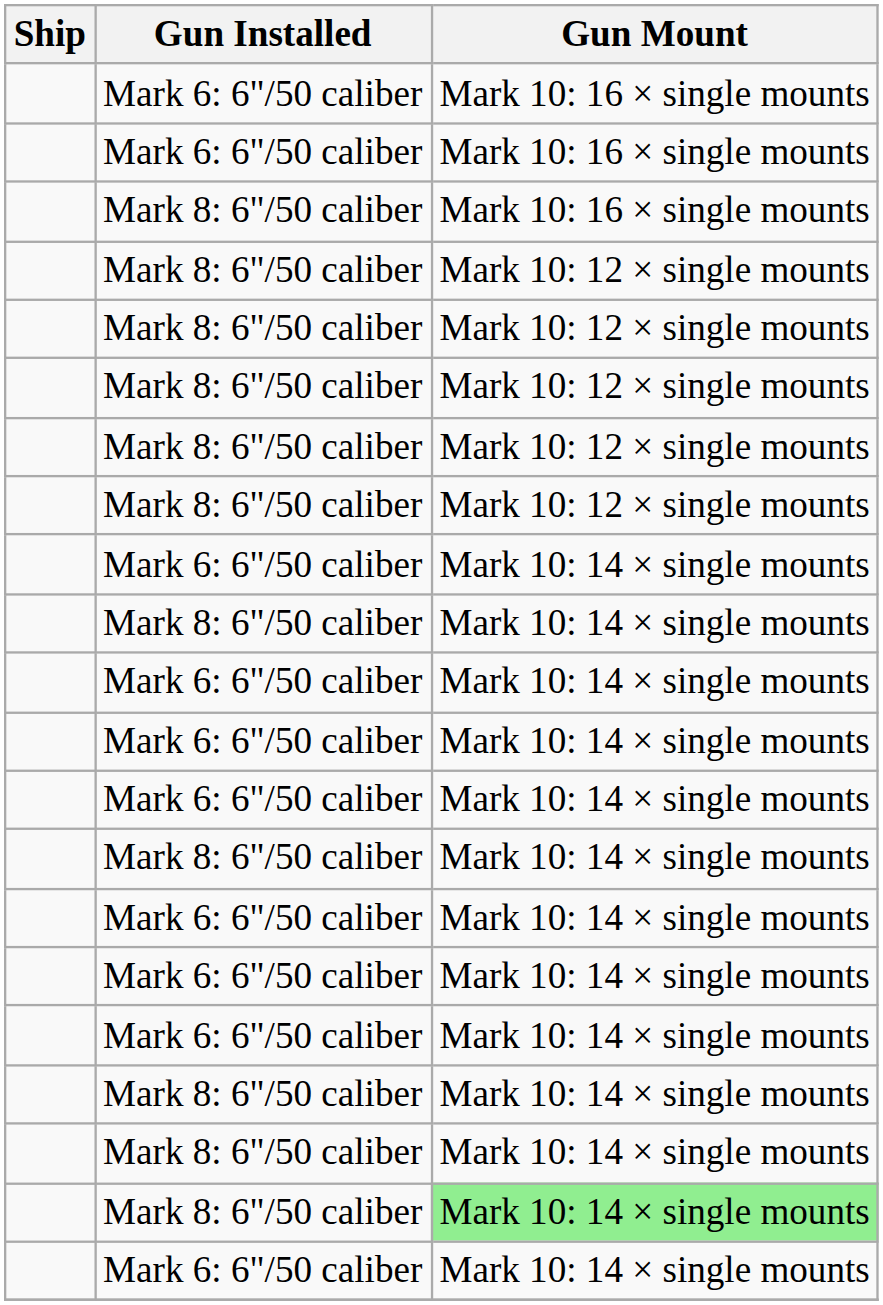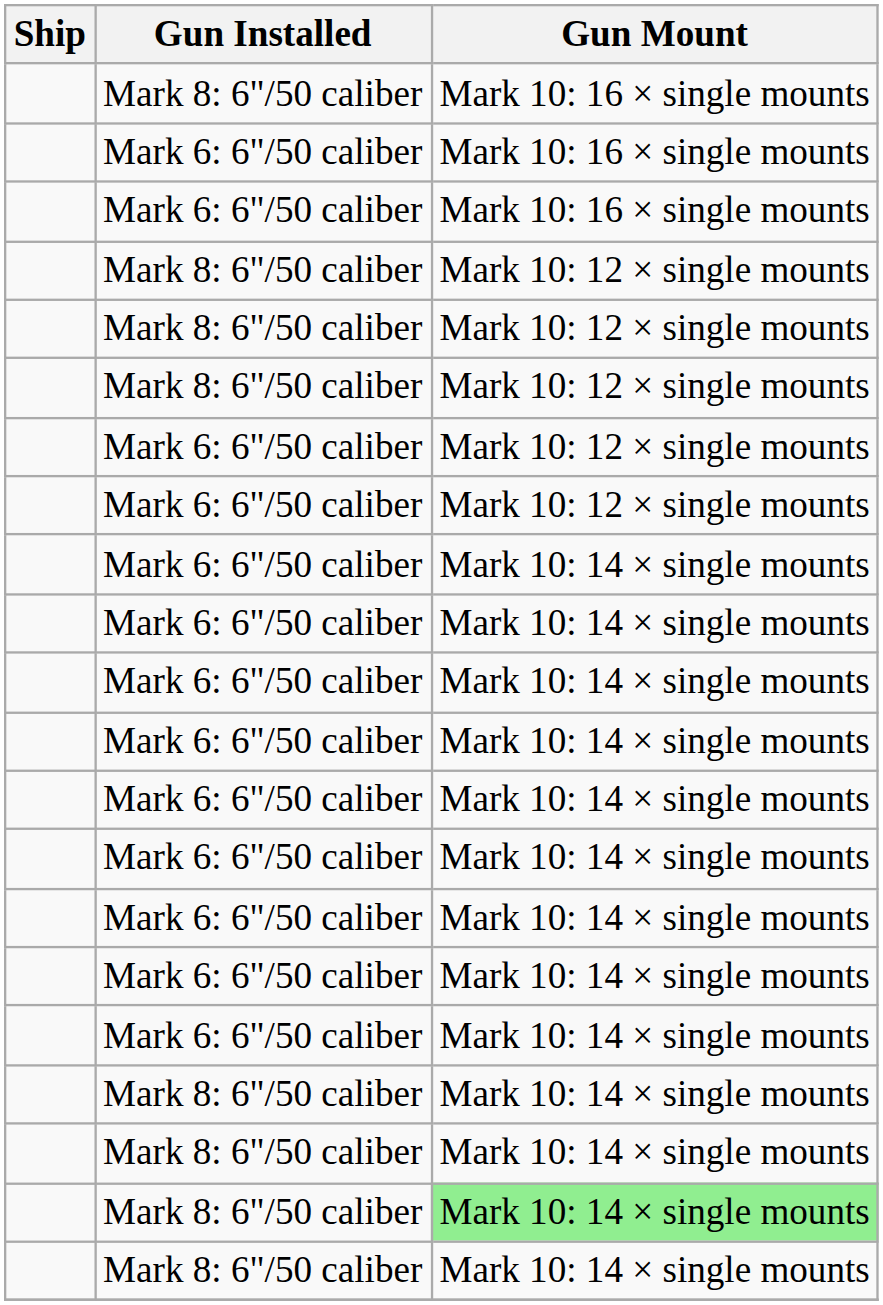 <table class="wikitable">
 <tr>
 <th>Ship</th>
 <th>Gun Installed</th>
 <th>Gun Mount</th>
+</tr>
+<tr>
+<td></td>
+<td>Mark 8: 6"/50 caliber</td>
+<td>Mark 10: 16 × single mounts</td>
 </tr>
 <tr>
 <td></td>
 <td>Mark 6: 6"/50 caliber</td>
 <td>Mark 10: 16 × single mounts</td>
 </tr>
 <tr>
 <td></td>
 <td>Mark 6: 6"/50 caliber</td>
-<td>Mark 10: 16 × single mounts</td>
-</tr>
-<tr>
-<td></td>
-<td>Mark 8: 6"/50 caliber</td>
 <td>Mark 10: 16 × single mounts</td>
 </tr>
 <tr>
 <td></td>
 <td>Mark 8: 6"/50 caliber</td>
 <td>Mark 10: 12 × single mounts</td>
 </tr>
 <tr>
 <td></td>
 <td>Mark 8: 6"/50 caliber</td>
 <td>Mark 10: 12 × single mounts</td>
 </tr>
 <tr>
 <td></td>
 <td>Mark 8: 6"/50 caliber</td>
 <td>Mark 10: 12 × single mounts</td>
 </tr>
 <tr>
 <td></td>
-<td>Mark 8: 6"/50 caliber</td>
-<td>Mark 10: 12 × single mounts</td>
-</tr>
-<tr>
-<td></td>
-<td>Mark 8: 6"/50 caliber</td>
+<td>Mark 6: 6"/50 caliber</td>
 <td>Mark 10: 12 × single mounts</td>
 </tr>
 <tr>
 <td></td>
 <td>Mark 6: 6"/50 caliber</td>
-<td>Mark 10: 14 × single mounts</td>
+<td>Mark 10: 12 × single mounts</td>
 </tr>
 <tr>
 <td></td>
-<td>Mark 8: 6"/50 caliber</td>
+<td>Mark 6: 6"/50 caliber</td>
 <td>Mark 10: 14 × single mounts</td>
 </tr>
 <tr>
 <td></td>
 <td>Mark 6: 6"/50 caliber</td>
 <td>Mark 10: 14 × single mounts</td>
 </tr>
 <tr>
 <td></td>
 <td>Mark 6: 6"/50 caliber</td>
 <td>Mark 10: 14 × single mounts</td>
 </tr>
 <tr>
 <td></td>
 <td>Mark 6: 6"/50 caliber</td>
 <td>Mark 10: 14 × single mounts</td>
 </tr>
 <tr>
 <td></td>
-<td>Mark 8: 6"/50 caliber</td>
+<td>Mark 6: 6"/50 caliber</td>
+<td>Mark 10: 14 × single mounts</td>
+</tr>
+<tr>
+<td></td>
+<td>Mark 6: 6"/50 caliber</td>
 <td>Mark 10: 14 × single mounts</td>
 </tr>
 <tr>
 <td></td>
 <td>Mark 6: 6"/50 caliber</td>
 <td>Mark 10: 14 × single mounts</td>
 </tr>
 <tr>
 <td></td>
 <td>Mark 6: 6"/50 caliber</td>
 <td>Mark 10: 14 × single mounts</td>
 </tr>
 <tr>
 <td></td>
 <td>Mark 6: 6"/50 caliber</td>
 <td>Mark 10: 14 × single mounts</td>
 </tr>
 <tr>
 <td></td>
 <td>Mark 8: 6"/50 caliber</td>
 <td>Mark 10: 14 × single mounts</td>
 </tr>
 <tr>
 <td></td>
 <td>Mark 8: 6"/50 caliber</td>
 <td>Mark 10: 14 × single mounts</td>
 </tr>
 <tr>
 <td></td>
 <td>Mark 8: 6"/50 caliber</td>
 <td style="background: lightgreen;">Mark 10: 14 × single mounts</td>
 </tr>
 <tr>
 <td></td>
-<td>Mark 6: 6"/50 caliber</td>
+<td>Mark 8: 6"/50 caliber</td>
 <td>Mark 10: 14 × single mounts</td>
 </tr>
 <tr>
 </tr>
 </table>
